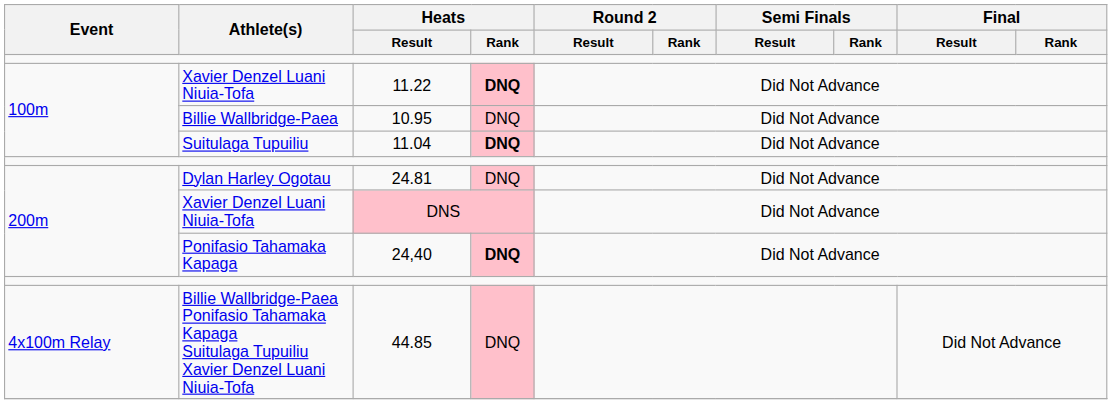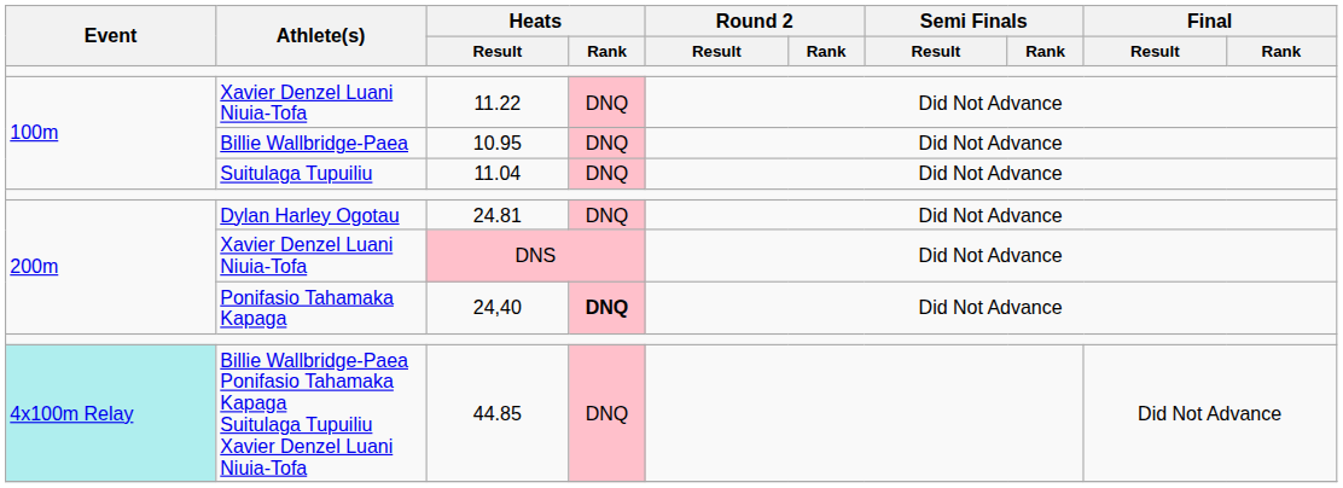 <table class=wikitable style="font-size:90%">
 <tr>
 <th rowspan="2" style="width:150px;">Event</th>
 <th rowspan="2" style="width:150px;">Athlete(s)</th>
 <th colspan="2" style="width:150px;">Heats</th>
 <th colspan="2" style="width:150px;">Round 2</th>
 <th colspan="2" style="width:150px;">Semi Finals</th>
 <th colspan="2" style="width:175px;">Final</th>
 </tr>
 <tr>
 <th style="line-height:1em; width:100px;"><small>Result</small></th>
 <th style="line-height:1em; width:50px;"><small>Rank</small></th>
 <th style="line-height:1em; width:100px;"><small>Result</small></th>
 <th style="line-height:1em; width:50px;"><small>Rank</small></th>
 <th style="line-height:1em; width:100px;"><small>Result</small></th>
 <th style="line-height:1em; width:50px;"><small>Rank</small></th>
 <th style="line-height:1em; width:100px;"><small>Result</small></th>
 <th style="line-height:1em; width:75px;"><small>Rank</small></th>
 </tr>
 <tr>
 <td colspan="10" style="height:1px;;"></td>
 </tr>
 <tr>
 <td rowspan="3"><a href='#'>100m</a></td>
 <td><a href='#'>Xavier Denzel Luani Niuia-Tofa</a></td>
 <td style="text-align:center;">11.22</td>
-<td style="text-align:center;" bgcolor="pink"><strong>DNQ</strong></td>
+<td style="text-align:center;" bgcolor="pink">DNQ</td>
 <td colspan="6" style="text-align:center;">Did Not Advance</td>
 </tr>
 <tr>
 <td><a href='#'>Billie Wallbridge-Paea</a></td>
 <td style="text-align:center;">10.95</td>
 <td style="text-align:center;" bgcolor="pink">DNQ</td>
 <td colspan="6" style="text-align:center;">Did Not Advance</td>
 </tr>
 <tr>
 <td><a href='#'>Suitulaga Tupuiliu</a></td>
 <td style="text-align:center;">11.04</td>
-<td style="text-align:center;" bgcolor="pink"><strong>DNQ</strong></td>
+<td style="text-align:center;" bgcolor="pink">DNQ</td>
 <td colspan="6" style="text-align:center;">Did Not Advance</td>
 </tr>
 <tr>
 <td colspan="10" style="height:1px;;"></td>
 </tr>
 <tr>
 <td rowspan="3"><a href='#'>200m</a></td>
 <td><a href='#'>Dylan Harley Ogotau</a></td>
 <td style="text-align:center;">24.81</td>
 <td style="text-align:center;" bgcolor="pink">DNQ</td>
 <td colspan="6" style="text-align:center;">Did Not Advance</td>
 </tr>
 <tr>
 <td><a href='#'>Xavier Denzel Luani Niuia-Tofa</a></td>
 <td colspan="2" style="text-align:center;" bgcolor="pink">DNS</td>
 <td colspan="6" style="text-align:center;">Did Not Advance</td>
 </tr>
 <tr>
 <td><a href='#'>Ponifasio Tahamaka Kapaga</a></td>
 <td style="text-align:center;">24,40</td>
 <td style="text-align:center;" bgcolor="pink"><strong>DNQ</strong></td>
 <td colspan="6" style="text-align:center;">Did Not Advance</td>
 </tr>
 <tr>
 <td colspan="10" style="height:1px;;"></td>
 </tr>
 <tr>
-<td><a href='#'>4x100m Relay</a></td>
+<td style="background: paleturquoise;"><a href='#'>4x100m Relay</a></td>
 <td><a href='#'>Billie Wallbridge-Paea</a><br><a href='#'>Ponifasio Tahamaka Kapaga</a><br><a href='#'>Suitulaga Tupuiliu</a><br><a href='#'>Xavier Denzel Luani Niuia-Tofa</a></td>
 <td style="text-align:center;">44.85</td>
 <td style="text-align:center;" bgcolor="pink">DNQ</td>
 <td colspan="4" style="text-align:center;"></td>
 <td colspan="2" style="text-align:center;">Did Not Advance</td>
 </tr>
 <tr>
 </tr>
 </table>
